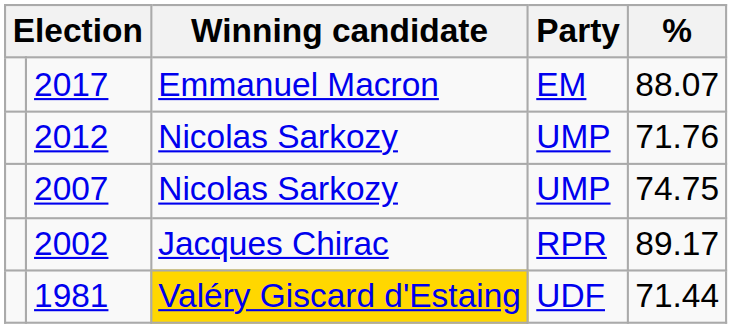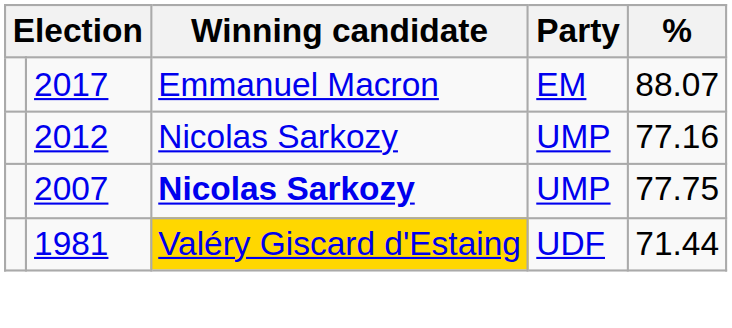 <table class="wikitable">
 <tr>
 <th colspan="2">Election</th>
 <th>Winning candidate</th>
 <th>Party</th>
 <th>%</th>
 </tr>
 <tr>
 <td style="background-color: "></td>
 <td><a href='#'>2017</a></td>
 <td><a href='#'>Emmanuel Macron</a></td>
 <td><a href='#'>EM</a></td>
 <td>88.07</td>
 </tr>
 <tr>
 <td style="background-color: "></td>
 <td><a href='#'>2012</a></td>
 <td><a href='#'>Nicolas Sarkozy</a></td>
 <td><a href='#'>UMP</a></td>
-<td>71.76</td>
+<td>77.16</td>
 </tr>
 <tr>
 <td style="background-color: "></td>
 <td><a href='#'>2007</a></td>
-<td><a href='#'>Nicolas Sarkozy</a></td>
+<td><strong><a href='#'>Nicolas Sarkozy</a></strong></td>
 <td><a href='#'>UMP</a></td>
-<td>74.75</td>
-</tr>
-<tr>
-<td style="background-color: "></td>
-<td><a href='#'>2002</a></td>
-<td><a href='#'>Jacques Chirac</a></td>
-<td><a href='#'>RPR</a></td>
-<td>89.17</td>
+<td>77.75</td>
 </tr>
 <tr>
 <td style="background-color: "></td>
 <td><a href='#'>1981</a></td>
 <td style="background: gold;"><a href='#'>Valéry Giscard d'Estaing</a></td>
 <td><a href='#'>UDF</a></td>
 <td>71.44</td>
 </tr>
 </table>
